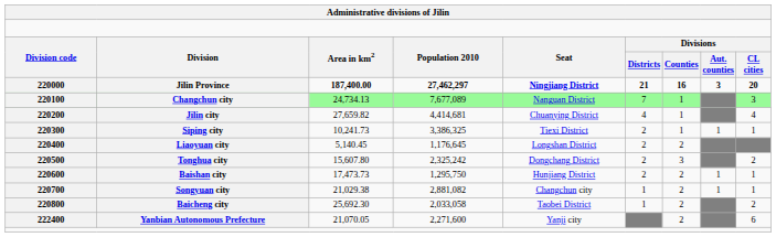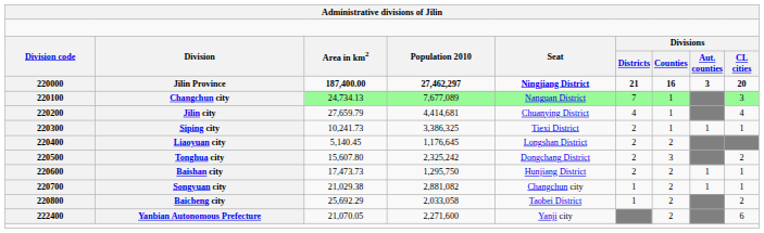 <table class="wikitable" style="margin:1em auto 1em auto; width:90%; font-size:smaller; text-align:center">
 <tr>
 <th colspan="9">Administrative divisions of Jilin</th>
 </tr>
 <tr>
 <td colspan="9" style="font-size:larger"><div><br>           </div></td>
 </tr>
 <tr>
 <th ! scope="col" rowspan="2"><a href='#'>Division code</a></th>
 <th ! scope="col" rowspan="2">Division</th>
 <th ! scope="col" rowspan="2">Area in km<sup>2</sup></th>
 <th ! scope="col" rowspan="2">Population 2010</th>
 <th ! scope="col" rowspan="2">Seat</th>
 <th ! scope="col" colspan="4">Divisions</th>
 </tr>
 <tr>
 <th ! scope="col" width="45"><a href='#'>Districts</a></th>
 <th ! scope="col" width="45"><a href='#'>Counties</a></th>
 <th ! scope="col" width="45"><a href='#'>Aut. counties</a></th>
 <th ! scope="col" width="45"><a href='#'>CL cities</a></th>
 </tr>
 <tr style="font-weight: bold">
 <th>220000</th>
 <th>Jilin Province</th>
 <td>187,400.00</td>
 <td>27,462,297</td>
 <td><a href='#'>Ningjiang District</a></td>
 <td>21</td>
 <td>16</td>
 <td>3</td>
 <td>20</td>
 </tr>
 <tr bgcolor="#98FB98">
 <th>220100</th>
 <th><a href='#'>Changchun</a> city</th>
 <td>24,734.13</td>
 <td>7,677,089</td>
 <td><a href='#'>Nanguan District</a></td>
 <td>7</td>
 <td>1</td>
 <td bgcolor="grey"></td>
 <td>3</td>
 </tr>
 <tr>
 <th>220200</th>
 <th><a href='#'>Jilin</a> city</th>
-<td>27,659.82</td>
+<td>27,659.79</td>
 <td>4,414,681</td>
 <td><a href='#'>Chuanying District</a></td>
 <td>4</td>
 <td>1</td>
 <td bgcolor="grey"></td>
 <td>4</td>
 </tr>
 <tr>
 <th>220300</th>
 <th><a href='#'>Siping</a> city</th>
 <td>10,241.73</td>
 <td>3,386,325</td>
 <td><a href='#'>Tiexi District</a></td>
 <td>2</td>
 <td>1</td>
 <td>1</td>
 <td>1</td>
 </tr>
 <tr>
 <th>220400</th>
 <th><a href='#'>Liaoyuan</a> city</th>
 <td>5,140.45</td>
 <td>1,176,645</td>
 <td><a href='#'>Longshan District</a></td>
 <td>2</td>
 <td>2</td>
 <td bgcolor="grey"></td>
 <td bgcolor="grey"></td>
 </tr>
 <tr>
 <th>220500</th>
 <th><a href='#'>Tonghua</a> city</th>
 <td>15,607.80</td>
 <td>2,325,242</td>
 <td><a href='#'>Dongchang District</a></td>
 <td>2</td>
 <td>3</td>
 <td bgcolor="grey"></td>
 <td>2</td>
 </tr>
 <tr>
 <th>220600</th>
 <th><a href='#'>Baishan</a> city</th>
 <td>17,473.73</td>
 <td>1,295,750</td>
 <td><a href='#'>Hunjiang District</a></td>
 <td>2</td>
 <td>2</td>
 <td>1</td>
 <td>1</td>
 </tr>
 <tr>
 <th>220700</th>
 <th><a href='#'>Songyuan</a> city</th>
 <td>21,029.38</td>
 <td>2,881,082</td>
 <td><a href='#'>Changchun</a> city</td>
 <td>1</td>
 <td>2</td>
 <td>1</td>
 <td>1</td>
 </tr>
 <tr>
 <th>220800</th>
 <th><a href='#'>Baicheng</a> city</th>
-<td>25,692.30</td>
+<td>25,692.29</td>
 <td>2,033,058</td>
 <td><a href='#'>Taobei District</a></td>
 <td>1</td>
 <td>2</td>
 <td bgcolor="grey"></td>
 <td>2</td>
 </tr>
 <tr>
 <th>222400</th>
 <th><a href='#'>Yanbian Autonomous Prefecture</a></th>
 <td>21,070.05</td>
 <td>2,271,600</td>
 <td><a href='#'>Yanji</a> city</td>
 <td bgcolor="grey"></td>
 <td>2</td>
 <td bgcolor="grey"></td>
 <td>6</td>
 </tr>
 <tr>
 <td colspan = "12"></td>
 </tr>
 </table>
